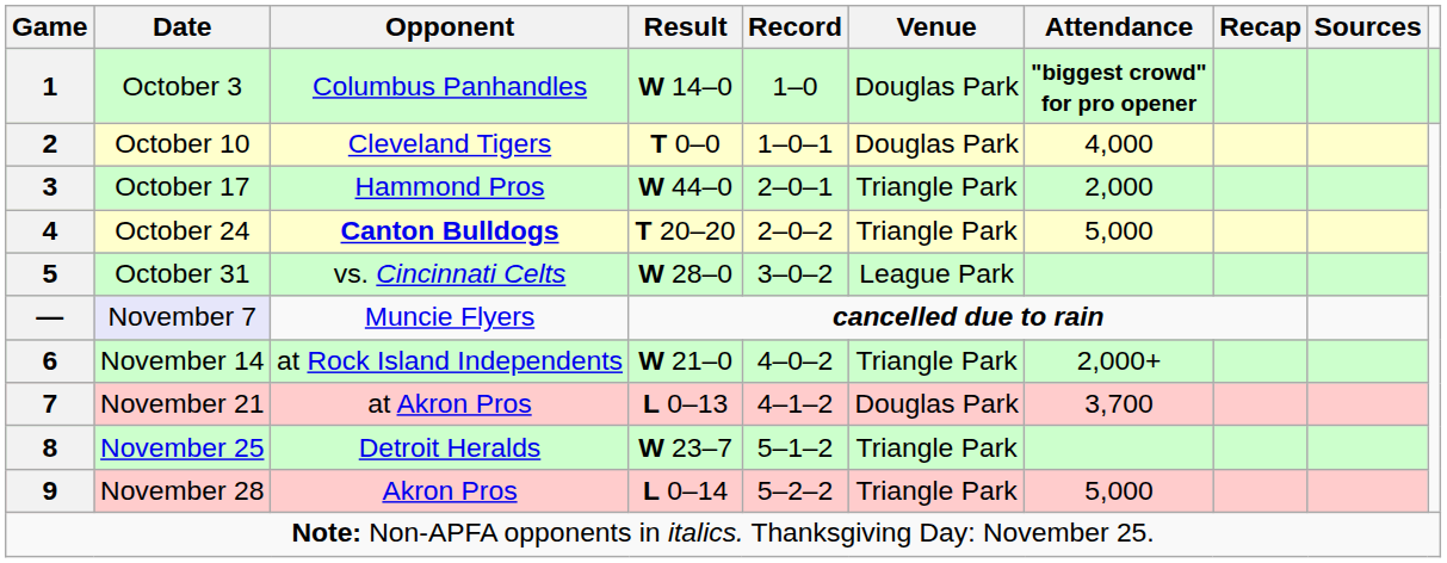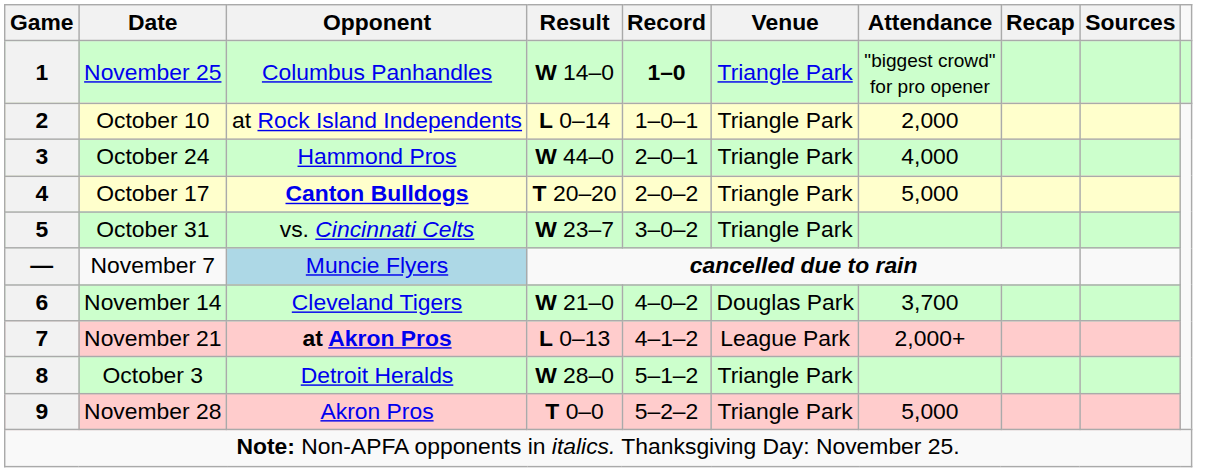 <table class="wikitable" style="text-align:center">
 <tr>
 <th>Game</th>
 <th>Date</th>
 <th>Opponent</th>
 <th>Result</th>
 <th>Record</th>
 <th>Venue</th>
 <th>Attendance</th>
 <th>Recap</th>
 <th>Sources</th>
 </tr>
 <tr style="background:#cfc">
 <th>1</th>
-<td>October 3</td>
+<td><a href='#'>November 25</a></td>
 <td><a href='#'>Columbus Panhandles</a></td>
 <td><strong>W</strong> 14–0</td>
-<td>1–0</td>
-<td>Douglas Park</td>
-<td><strong><small>"biggest crowd" <br>for pro opener</small></strong></td>
+<td><strong>1–0</strong></td>
+<td><a href='#'>Triangle Park</a></td>
+<td><small>"biggest crowd" <br>for pro opener</small></td>
 <td></td>
 <td></td>
 <td></td>
 </tr>
 <tr style="background:#ffc">
 <th>2</th>
 <td>October 10</td>
-<td><a href='#'>Cleveland Tigers</a></td>
-<td><strong>T</strong> 0–0</td>
+<td>at <a href='#'>Rock Island Independents</a></td>
+<td><strong>L</strong> 0–14</td>
 <td>1–0–1</td>
-<td>Douglas Park</td>
-<td>4,000</td>
+<td>Triangle Park</td>
+<td>2,000</td>
 <td></td>
 <td></td>
 </tr>
 <tr style="background:#cfc">
 <th>3</th>
-<td>October 17</td>
+<td>October 24</td>
 <td><a href='#'>Hammond Pros</a></td>
 <td><strong>W</strong> 44–0</td>
 <td>2–0–1</td>
 <td>Triangle Park</td>
-<td>2,000</td>
+<td>4,000</td>
 <td></td>
 <td></td>
 </tr>
 <tr style="background:#ffc">
 <th>4</th>
-<td>October 24</td>
+<td>October 17</td>
 <td><strong><a href='#'>Canton Bulldogs</a></strong></td>
 <td><strong>T</strong> 20–20</td>
 <td>2–0–2</td>
 <td>Triangle Park</td>
 <td>5,000</td>
 <td></td>
 <td></td>
 </tr>
 <tr style="background:#cfc">
 <th>5</th>
 <td>October 31</td>
 <td>vs. <em><a href='#'>Cincinnati Celts</a></em></td>
-<td><strong>W</strong> 28–0</td>
+<td><strong>W</strong> 23–7</td>
 <td>3–0–2</td>
-<td>League Park</td>
+<td>Triangle Park</td>
 <td></td>
 <td></td>
 <td></td>
 </tr>
 <tr>
 <th>—</th>
-<td style="background: lavender;">November 7</td>
-<td><a href='#'>Muncie Flyers</a></td>
+<td>November 7</td>
+<td style="background: lightblue;"><a href='#'>Muncie Flyers</a></td>
 <td colspan="5"><strong><em>cancelled due to rain</em></strong></td>
 <td></td>
 </tr>
 <tr style="background:#cfc">
 <th>6</th>
 <td>November 14</td>
-<td>at <a href='#'>Rock Island Independents</a></td>
+<td><a href='#'>Cleveland Tigers</a></td>
 <td><strong>W</strong> 21–0</td>
 <td>4–0–2</td>
-<td>Triangle Park</td>
-<td>2,000+</td>
+<td>Douglas Park</td>
+<td>3,700</td>
 <td></td>
 <td></td>
 </tr>
 <tr style="background:#fcc">
 <th>7</th>
 <td>November 21</td>
-<td>at <a href='#'>Akron Pros</a></td>
+<td><strong>at <a href='#'>Akron Pros</a></strong></td>
 <td><strong>L</strong> 0–13</td>
 <td>4–1–2</td>
-<td>Douglas Park</td>
-<td>3,700</td>
+<td>League Park</td>
+<td>2,000+</td>
 <td></td>
 <td></td>
 </tr>
 <tr style="background:#cfc">
 <th>8</th>
-<td><a href='#'>November 25</a></td>
+<td>October 3</td>
 <td><a href='#'>Detroit Heralds</a></td>
-<td><strong>W</strong> 23–7</td>
+<td><strong>W</strong> 28–0</td>
 <td>5–1–2</td>
 <td>Triangle Park</td>
 <td></td>
 <td></td>
 <td></td>
 </tr>
 <tr style="background:#fcc">
 <th>9</th>
 <td>November 28</td>
 <td><a href='#'>Akron Pros</a></td>
-<td><strong>L</strong> 0–14</td>
+<td><strong>T</strong> 0–0</td>
 <td>5–2–2</td>
 <td>Triangle Park</td>
 <td>5,000</td>
 <td></td>
 <td></td>
 </tr>
 <tr>
 <td colspan="10"><strong>Note:</strong> Non-APFA opponents in <em>italics.</em> Thanksgiving Day: November 25.</td>
 </tr>
 </table>
